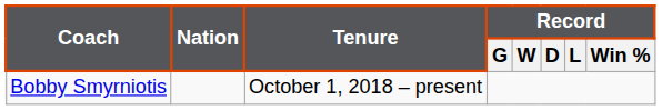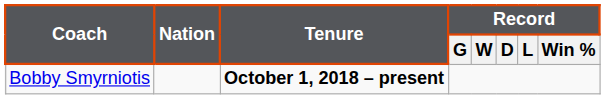 <table class="wikitable" style="text-align:left">
 <tr>
 <th style="background:#54565A; color:#fff; border:2px solid #E04403;" scope="col" rowspan="2">Coach</th>
 <th style="background:#54565A; color:#fff; border:2px solid #E04403;" scope="col" rowspan="2">Nation</th>
 <th style="background:#54565A; color:#fff; border:2px solid #E04403;" scope="col" rowspan="2">Tenure</th>
 <th style="background:#54565A; color:#fff; border:2px solid #E04403;" scope="col" colspan="6">Record</th>
 </tr>
 <tr>
 <th>G</th>
 <th>W</th>
 <th>D</th>
 <th>L</th>
 <th>Win %</th>
 </tr>
 <tr>
 <td><a href='#'>Bobby Smyrniotis</a></td>
 <td></td>
-<td>October 1, 2018 – present<br></td>
+<td><strong>October 1, 2018 – present<br></strong></td>
 </tr>
 </table>
